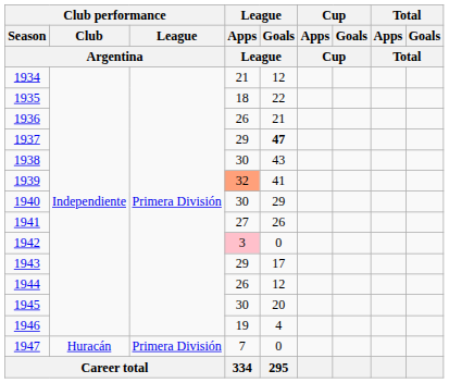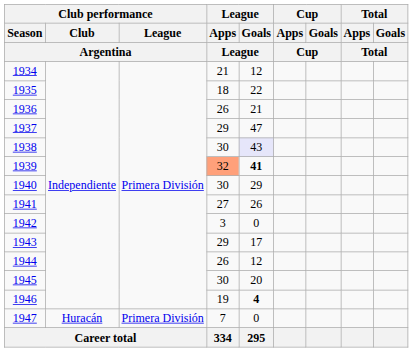 <table class="wikitable" style="text-align:center">
 <tr>
 <th colspan=3>Club performance</th>
 <th colspan=2>League</th>
 <th colspan=2>Cup</th>
 <th colspan=2>Total</th>
 </tr>
 <tr>
 <th>Season</th>
 <th>Club</th>
 <th>League</th>
 <th>Apps</th>
 <th>Goals</th>
 <th>Apps</th>
 <th>Goals</th>
 <th>Apps</th>
 <th>Goals</th>
 </tr>
 <tr>
 <th colspan=3>Argentina</th>
 <th colspan=2>League</th>
 <th colspan=2>Cup</th>
 <th colspan=2>Total</th>
 </tr>
 <tr>
 <td><a href='#'>1934</a></td>
 <td rowspan="13"><a href='#'>Independiente</a></td>
 <td rowspan="13"><a href='#'>Primera División</a></td>
 <td>21</td>
 <td>12</td>
 <td></td>
 <td></td>
 <td></td>
 <td></td>
 </tr>
 <tr>
 <td><a href='#'>1935</a></td>
 <td>18</td>
 <td>22</td>
 <td></td>
 <td></td>
 <td></td>
 <td></td>
 </tr>
 <tr>
 <td><a href='#'>1936</a></td>
 <td>26</td>
 <td>21</td>
 <td></td>
 <td></td>
 <td></td>
 <td></td>
 </tr>
 <tr>
 <td><a href='#'>1937</a></td>
 <td>29</td>
-<td><strong>47</strong></td>
+<td>47</td>
 <td></td>
 <td></td>
 <td></td>
 <td></td>
 </tr>
 <tr>
 <td><a href='#'>1938</a></td>
 <td>30</td>
-<td>43</td>
+<td style="background: lavender;">43</td>
 <td></td>
 <td></td>
 <td></td>
 <td></td>
 </tr>
 <tr>
 <td><a href='#'>1939</a></td>
 <td style="background: lightsalmon;">32</td>
-<td>41</td>
+<td><strong>41</strong></td>
 <td></td>
 <td></td>
 <td></td>
 <td></td>
 </tr>
 <tr>
 <td><a href='#'>1940</a></td>
 <td>30</td>
 <td>29</td>
 <td></td>
 <td></td>
 <td></td>
 <td></td>
 </tr>
 <tr>
 <td><a href='#'>1941</a></td>
 <td>27</td>
 <td>26</td>
 <td></td>
 <td></td>
 <td></td>
 <td></td>
 </tr>
 <tr>
 <td><a href='#'>1942</a></td>
-<td style="background: pink;">3</td>
+<td>3</td>
 <td>0</td>
 <td></td>
 <td></td>
 <td></td>
 <td></td>
 </tr>
 <tr>
 <td><a href='#'>1943</a></td>
 <td>29</td>
 <td>17</td>
 <td></td>
 <td></td>
 <td></td>
 <td></td>
 </tr>
 <tr>
 <td><a href='#'>1944</a></td>
 <td>26</td>
 <td>12</td>
 <td></td>
 <td></td>
 <td></td>
 <td></td>
 </tr>
 <tr>
 <td><a href='#'>1945</a></td>
 <td>30</td>
 <td>20</td>
 <td></td>
 <td></td>
 <td></td>
 <td></td>
 </tr>
 <tr>
 <td><a href='#'>1946</a></td>
 <td>19</td>
-<td>4</td>
+<td><strong>4</strong></td>
 <td></td>
 <td></td>
 <td></td>
 <td></td>
 </tr>
 <tr>
 <td><a href='#'>1947</a></td>
 <td rowspan="1"><a href='#'>Huracán</a></td>
 <td rowspan="1"><a href='#'>Primera División</a></td>
 <td>7</td>
 <td>0</td>
 <td></td>
 <td></td>
 <td></td>
 <td></td>
 </tr>
 <tr>
 <th colspan=3>Career total</th>
 <th>334</th>
 <th>295</th>
 <th></th>
 <th></th>
 <th></th>
 <th></th>
 </tr>
 </table>
